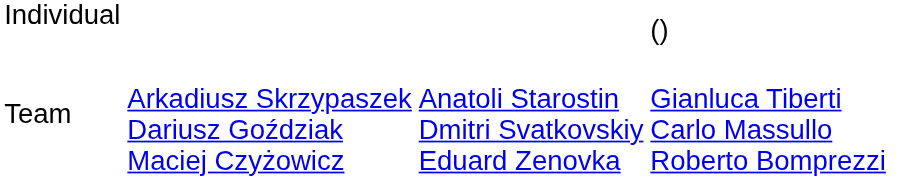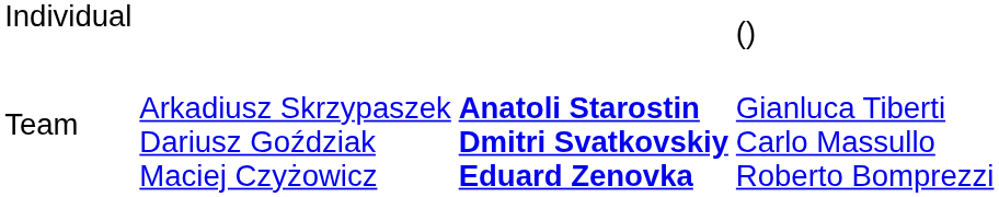 <table>
 <tr>
 <td>Individual<br></td>
 <td></td>
 <td></td>
 <td><br>()</td>
 </tr>
 <tr>
 <td>Team<br></td>
 <td><br><a href='#'>Arkadiusz Skrzypaszek</a><br><a href='#'>Dariusz Goździak</a><br><a href='#'>Maciej Czyżowicz</a></td>
-<td><br><a href='#'>Anatoli Starostin</a><br><a href='#'>Dmitri Svatkovskiy</a><br><a href='#'>Eduard Zenovka</a></td>
+<td><strong><br><a href='#'>Anatoli Starostin</a><br><a href='#'>Dmitri Svatkovskiy</a><br><a href='#'>Eduard Zenovka</a></strong></td>
 <td><br><a href='#'>Gianluca Tiberti</a><br><a href='#'>Carlo Massullo</a><br><a href='#'>Roberto Bomprezzi</a></td>
 </tr>
 <tr>
 </tr>
 </table>
